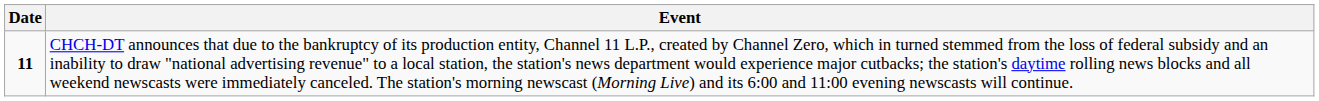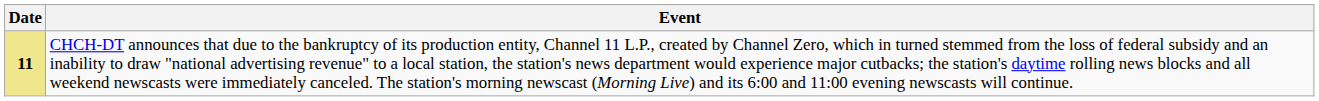 <table class="wikitable">
 <tr>
 <th>Date</th>
 <th>Event</th>
 </tr>
 <tr>
-<td style="text-align:center;"><strong>11</strong></td>
+<td style="background: khaki; text-align:center;"><strong>11</strong></td>
 <td><a href='#'>CHCH-DT</a> announces that due to the bankruptcy of its production entity, Channel 11 L.P., created by Channel Zero, which in turned stemmed from the loss of federal subsidy and an inability to draw "national advertising revenue" to a local station, the station's news department would experience major cutbacks; the station's <a href='#'>daytime</a> rolling news blocks and all weekend newscasts were immediately canceled. The station's morning newscast (<em>Morning Live</em>) and its 6:00 and 11:00 evening newscasts will continue.</td>
 </tr>
 </table>
